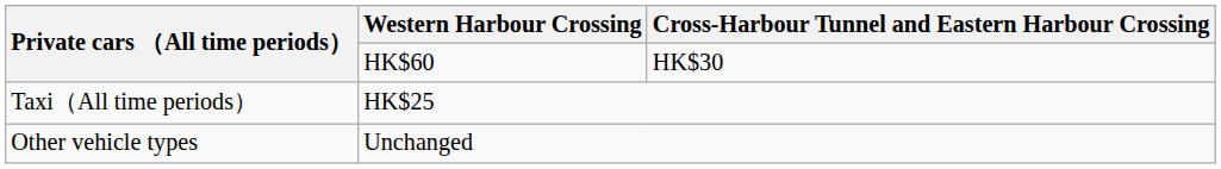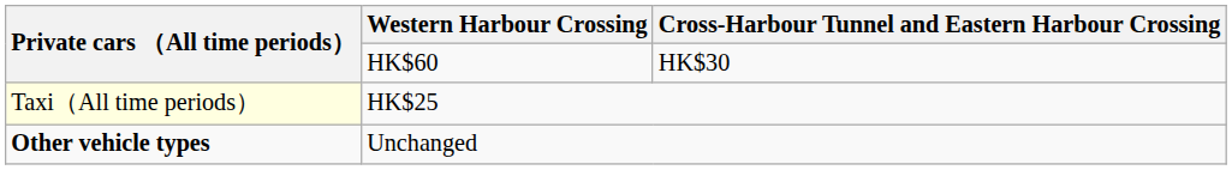 <table class="wikitable">
 <tr>
 <th rowspan="2">Private cars （All time periods）</th>
 <th>Western Harbour Crossing</th>
 <th>Cross-Harbour Tunnel and Eastern Harbour Crossing</th>
 </tr>
 <tr>
 <td>HK$60</td>
 <td>HK$30</td>
 </tr>
 <tr>
-<td>Taxi（All time periods）</td>
+<td style="background: lightyellow;">Taxi（All time periods）</td>
 <td colspan="2">HK$25</td>
 </tr>
 <tr>
-<td>Other vehicle types</td>
+<td><strong>Other vehicle types</strong></td>
 <td colspan="2">Unchanged</td>
 </tr>
 </table>
